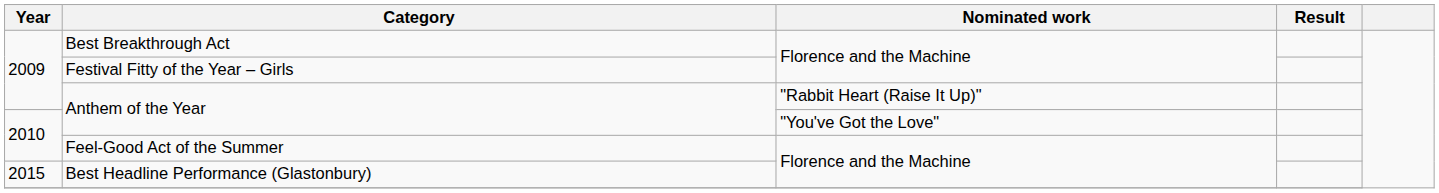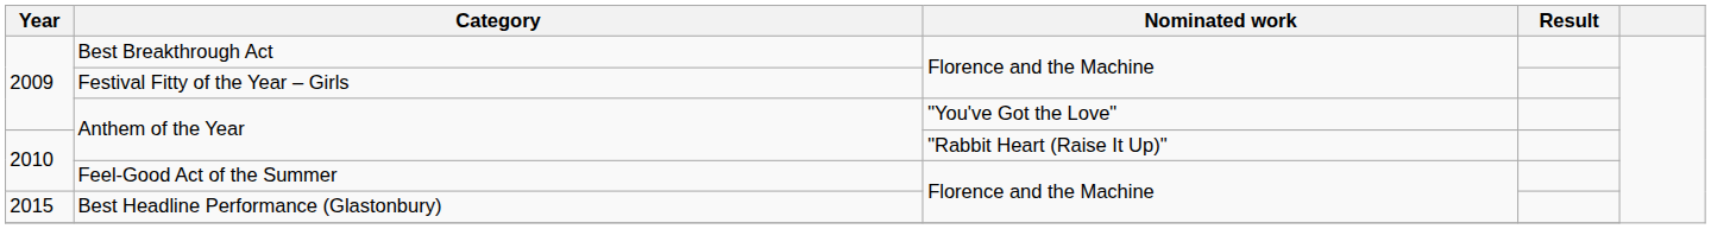 <table class="wikitable plainrowheaders" style="width:70%;">
 <tr>
 <th scope="col" style="width:4%;">Year</th>
 <th scope="col" style="width:50%;">Category</th>
 <th scope="col" style="width:35%;">Nominated work</th>
 <th scope="col" style="width:6%;">Result</th>
 <th scope="col" style="width:6%;"></th>
 </tr>
 <tr>
 <td rowspan="3">2009</td>
 <td>Best Breakthrough Act</td>
 <td rowspan="2">Florence and the Machine</td>
 <td></td>
 </tr>
 <tr>
 <td>Festival Fitty of the Year – Girls</td>
 <td></td>
 </tr>
 <tr>
 <td rowspan="2">Anthem of the Year</td>
-<td>"Rabbit Heart (Raise It Up)"</td>
+<td>"You've Got the Love"</td>
 <td></td>
 </tr>
 <tr>
 <td rowspan="2">2010</td>
-<td>"You've Got the Love"</td>
+<td>"Rabbit Heart (Raise It Up)"</td>
 <td></td>
 </tr>
 <tr>
 <td>Feel-Good Act of the Summer</td>
 <td rowspan="2">Florence and the Machine</td>
 <td></td>
 </tr>
 <tr>
 <td>2015</td>
 <td>Best Headline Performance (Glastonbury)</td>
 <td></td>
 </tr>
 <tr>
 </tr>
 </table>
